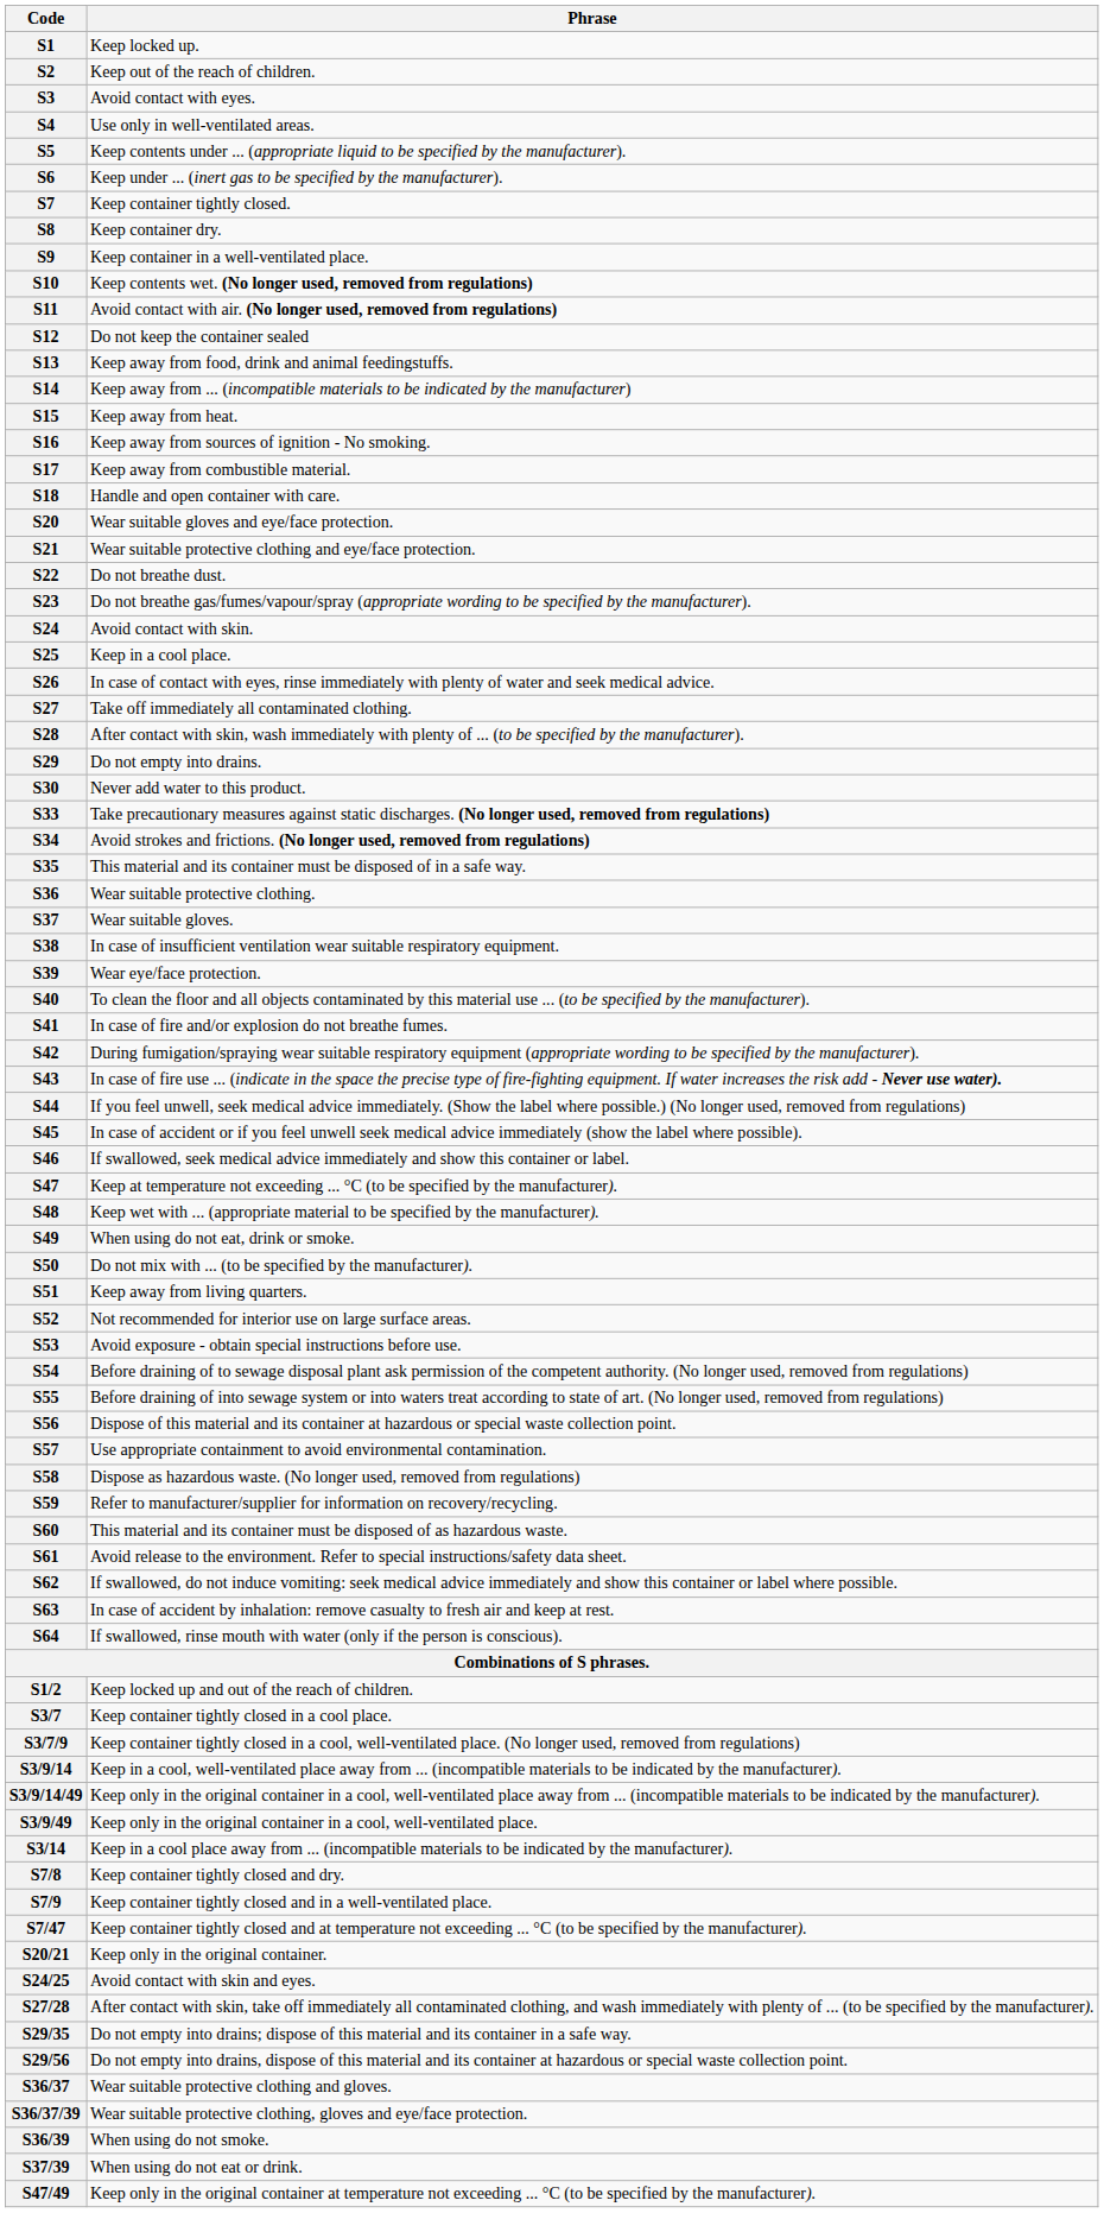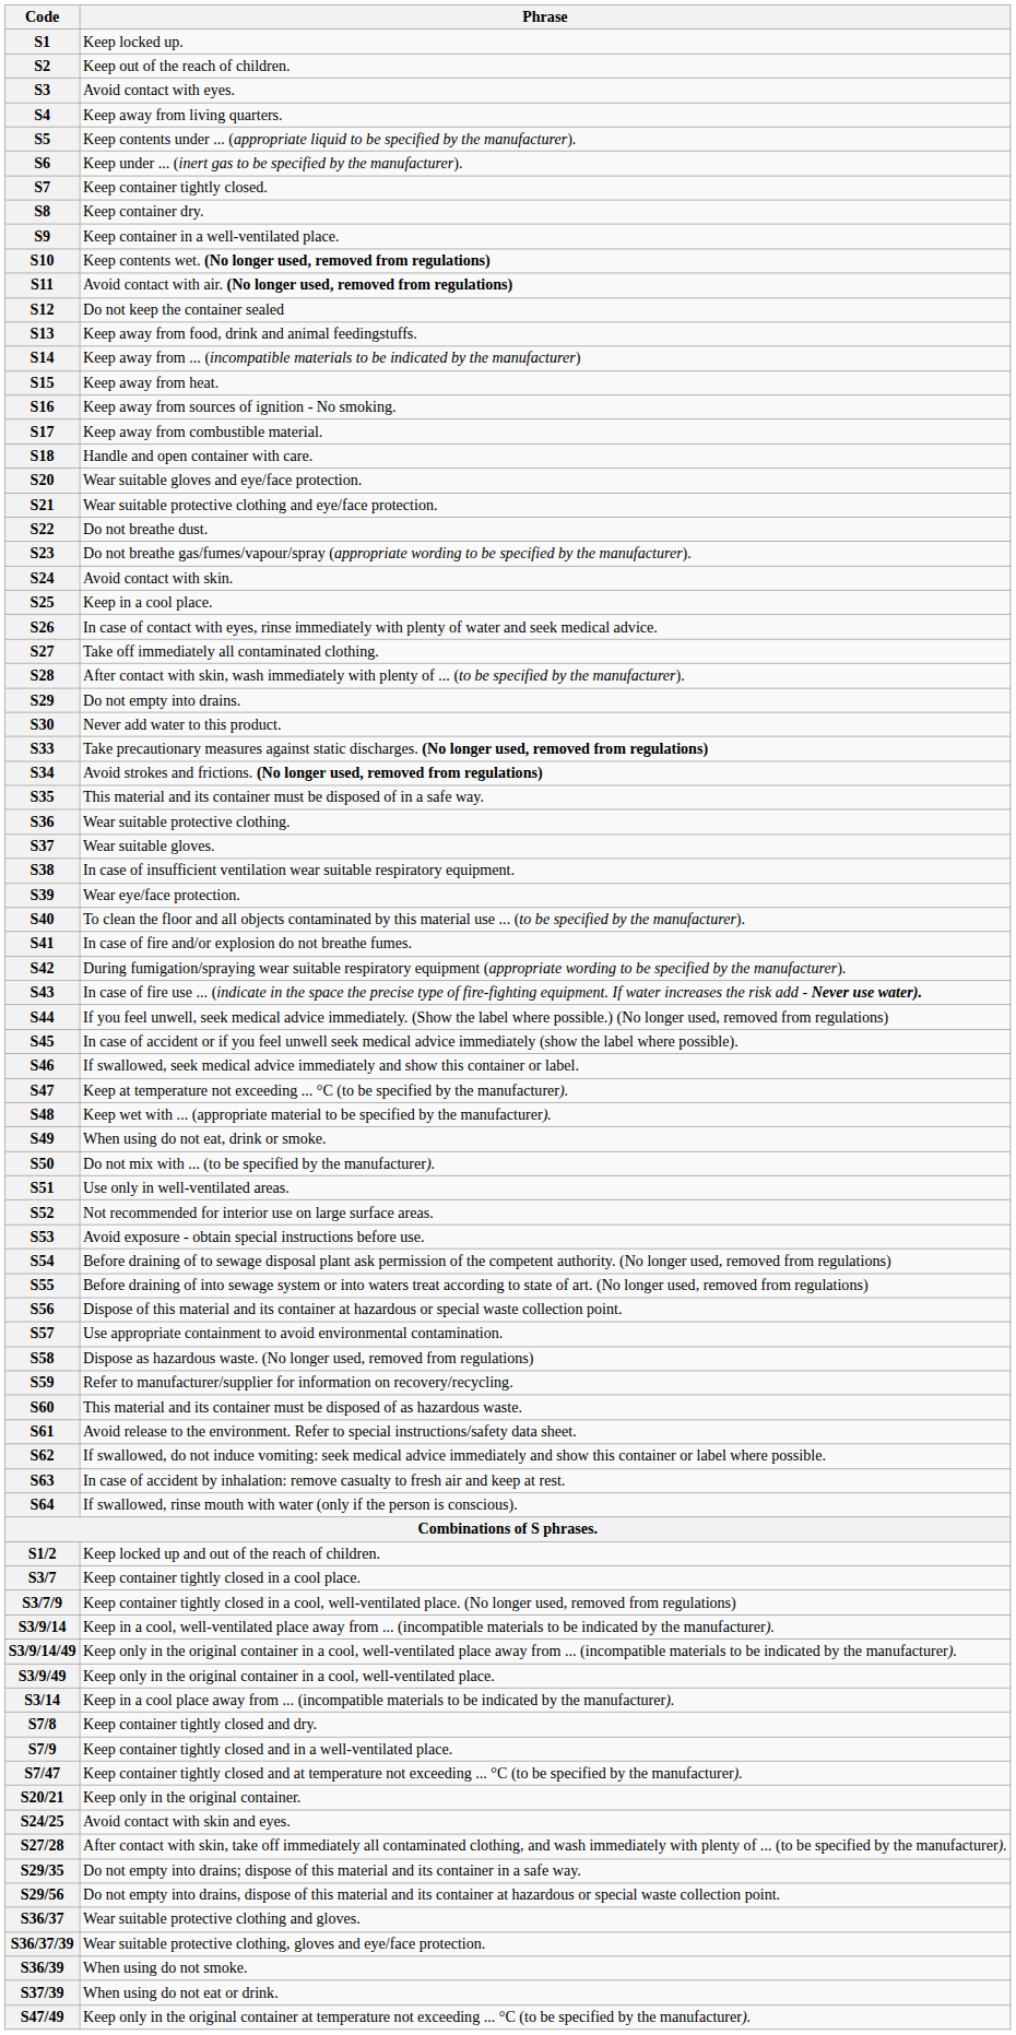 <table class="wikitable">
 <tr>
 <th scope="col">Code</th>
 <th scope="col">Phrase</th>
 </tr>
 <tr>
 <th scope="row" id="S1">S1</th>
 <td>Keep locked up.</td>
 </tr>
 <tr>
 <th scope="row" id="S2">S2</th>
 <td>Keep out of the reach of children.</td>
 </tr>
 <tr>
 <th scope="row" id="S3">S3</th>
 <td>Avoid contact with eyes.</td>
 </tr>
 <tr>
 <th scope="row" id="S4">S4</th>
-<td>Use only in well-ventilated areas.</td>
+<td>Keep away from living quarters.</td>
 </tr>
 <tr>
 <th scope="row" id="S5">S5</th>
 <td>Keep contents under ... (<em>appropriate liquid to be specified by the manufacturer</em>).</td>
 </tr>
 <tr>
 <th scope="row" id="S6">S6</th>
 <td>Keep under ... (<em>inert gas to be specified by the manufacturer</em>).</td>
 </tr>
 <tr>
 <th scope="row" id="S7">S7</th>
 <td>Keep container tightly closed.</td>
 </tr>
 <tr>
 <th scope="row" id="S8">S8</th>
 <td>Keep container dry.</td>
 </tr>
 <tr>
 <th scope="row" id="S9">S9</th>
 <td>Keep container in a well-ventilated place.</td>
 </tr>
 <tr>
 <th scope="row" id="S10">S10</th>
 <td>Keep contents wet. <strong>(No longer used, removed from regulations)</strong></td>
 </tr>
 <tr>
 <th scope="row" id="S11">S11</th>
 <td>Avoid contact with air. <strong>(No longer used, removed from regulations)</strong></td>
 </tr>
 <tr>
 <th scope="row" id="S12">S12</th>
 <td>Do not keep the container sealed</td>
 </tr>
 <tr>
 <th scope="row" id="S13">S13</th>
 <td>Keep away from food, drink and animal feedingstuffs.</td>
 </tr>
 <tr>
 <th scope="row" id="S14">S14</th>
 <td>Keep away from ... (<em>incompatible materials to be indicated by the manufacturer</em>)</td>
 </tr>
 <tr>
 <th scope="row" id="S15">S15</th>
 <td>Keep away from heat.</td>
 </tr>
 <tr>
 <th scope="row" id="S16">S16</th>
 <td>Keep away from sources of ignition - No smoking.</td>
 </tr>
 <tr>
 <th scope="row" id="S17">S17</th>
 <td>Keep away from combustible material.</td>
 </tr>
 <tr>
 <th scope="row" id="S18">S18</th>
 <td>Handle and open container with care.</td>
 </tr>
 <tr>
 <th scope="row" id="S20">S20</th>
 <td>Wear suitable gloves and eye/face protection.</td>
 </tr>
 <tr>
 <th scope="row" id="S21">S21</th>
 <td>Wear suitable protective clothing and eye/face protection.</td>
 </tr>
 <tr>
 <th scope="row" id="S22">S22</th>
 <td>Do not breathe dust.</td>
 </tr>
 <tr>
 <th scope="row" id="S23">S23</th>
 <td>Do not breathe gas/fumes/vapour/spray (<em>appropriate wording to be specified by the manufacturer</em>).</td>
 </tr>
 <tr>
 <th scope="row" id="S24">S24</th>
 <td>Avoid contact with skin.</td>
 </tr>
 <tr>
 <th scope="row" id="S25">S25</th>
 <td>Keep in a cool place.</td>
 </tr>
 <tr>
 <th scope="row" id="S26">S26</th>
 <td>In case of contact with eyes, rinse immediately with plenty of water and seek medical advice.</td>
 </tr>
 <tr>
 <th scope="row" id="S27">S27</th>
 <td>Take off immediately all contaminated clothing.</td>
 </tr>
 <tr>
 <th scope="row" id="S28">S28</th>
 <td>After contact with skin, wash immediately with plenty of ... (<em>to be specified by the manufacturer</em>).</td>
 </tr>
 <tr>
 <th scope="row" id="S29">S29</th>
 <td>Do not empty into drains.</td>
 </tr>
 <tr>
 <th scope="row" id="S30">S30</th>
 <td>Never add water to this product.</td>
 </tr>
 <tr>
 <th scope="row" id="S33">S33</th>
 <td>Take precautionary measures against static discharges. <strong>(No longer used, removed from regulations)</strong></td>
 </tr>
 <tr>
 <th scope="row" id="S34">S34</th>
 <td>Avoid strokes and frictions. <strong>(No longer used, removed from regulations)</strong></td>
 </tr>
 <tr>
 <th scope="row" id="S35">S35</th>
 <td>This material and its container must be disposed of in a safe way.</td>
 </tr>
 <tr>
 <th scope="row" id="S36">S36</th>
 <td>Wear suitable protective clothing.</td>
 </tr>
 <tr>
 <th scope="row" id="S37">S37</th>
 <td>Wear suitable gloves.</td>
 </tr>
 <tr>
 <th scope="row" id="S38">S38</th>
 <td>In case of insufficient ventilation wear suitable respiratory equipment.</td>
 </tr>
 <tr>
 <th scope="row" id="S39">S39</th>
 <td>Wear eye/face protection.</td>
 </tr>
 <tr>
 <th scope="row" id="S40">S40</th>
 <td>To clean the floor and all objects contaminated by this material use ... (<em>to be specified by the manufacturer</em>).</td>
 </tr>
 <tr>
 <th scope="row" id="S41">S41</th>
 <td>In case of fire and/or explosion do not breathe fumes.</td>
 </tr>
 <tr>
 <th scope="row" id="S42">S42</th>
 <td>During fumigation/spraying wear suitable respiratory equipment (<em>appropriate wording to be specified by the manufacturer</em>).</td>
 </tr>
 <tr>
 <th scope="row" id="S43">S43</th>
 <td>In case of fire use ... (<em>indicate in the space the precise type of fire-fighting equipment. If water increases the risk add - <strong>Never use water<strong><em>).</td>
 </tr>
 <tr>
 <th scope="row" id="S44">S44</th>
 <td>If you feel unwell, seek medical advice immediately. (Show the label where possible.) </strong>(No longer used, removed from regulations)<strong></td>
 </tr>
 <tr>
 <th scope="row" id="S45">S45</th>
 <td>In case of accident or if you feel unwell seek medical advice immediately (show the label where possible).</td>
 </tr>
 <tr>
 <th scope="row" id="S46">S46</th>
 <td>If swallowed, seek medical advice immediately and show this container or label.</td>
 </tr>
 <tr>
 <th scope="row" id="S47">S47</th>
 <td>Keep at temperature not exceeding ... °C (</em>to be specified by the manufacturer<em>).</td>
 </tr>
 <tr>
 <th scope="row" id="S48">S48</th>
 <td>Keep wet with ... (</em>appropriate material to be specified by the manufacturer<em>).</td>
 </tr>
 <tr>
 <th scope="row" id="S49">S49</th>
 <td>When using do not eat, drink or smoke.</td>
 </tr>
 <tr>
 <th scope="row" id="S50">S50</th>
 <td>Do not mix with ... (</em>to be specified by the manufacturer<em>).</td>
 </tr>
 <tr>
 <th scope="row" id="S51">S51</th>
-<td>Keep away from living quarters.</td>
+<td>Use only in well-ventilated areas.</td>
 </tr>
 <tr>
 <th scope="row" id="S52">S52</th>
 <td>Not recommended for interior use on large surface areas.</td>
 </tr>
 <tr>
 <th scope="row" id="S53">S53</th>
 <td>Avoid exposure - obtain special instructions before use.</td>
 </tr>
 <tr>
 <th scope="row" id="S54">S54</th>
 <td>Before draining of to sewage disposal plant ask permission of the competent authority. </strong>(No longer used, removed from regulations)<strong></td>
 </tr>
 <tr>
 <th scope="row" id="S55">S55</th>
 <td>Before draining of into sewage system or into waters treat according to state of art. </strong>(No longer used, removed from regulations)<strong></td>
 </tr>
 <tr>
 <th scope="row" id="S56">S56</th>
 <td>Dispose of this material and its container at hazardous or special waste collection point.</td>
 </tr>
 <tr>
 <th scope="row" id="S57">S57</th>
 <td>Use appropriate containment to avoid environmental contamination.</td>
 </tr>
 <tr>
 <th scope="row" id"S58">S58</th>
 <td>Dispose as hazardous waste. </strong>(No longer used, removed from regulations)<strong></td>
 </tr>
 <tr>
 <th scope="row" id="S59">S59</th>
 <td>Refer to manufacturer/supplier for information on recovery/recycling.</td>
 </tr>
 <tr>
 <th scope="row" id="S60">S60</th>
 <td>This material and its container must be disposed of as hazardous waste.</td>
 </tr>
 <tr>
 <th scope="row" id="S61">S61</th>
 <td>Avoid release to the environment. Refer to special instructions/safety data sheet.</td>
 </tr>
 <tr>
 <th scope="row" id="S62">S62</th>
 <td>If swallowed, do not induce vomiting: seek medical advice immediately and show this container or label where possible.</td>
 </tr>
 <tr>
 <th scope="row" id="S63">S63</th>
 <td>In case of accident by inhalation: remove casualty to fresh air and keep at rest.</td>
 </tr>
 <tr>
 <th scope="row" id="S64">S64</th>
 <td>If swallowed, rinse mouth with water (only if the person is conscious).</td>
 </tr>
 <tr>
 <th colspan=2 style="text-align: center;">Combinations of S phrases.</th>
 </tr>
 <tr>
 <th scope="row" id="S1/2">S1/2</th>
 <td>Keep locked up and out of the reach of children.</td>
 </tr>
 <tr>
 <th scope="row" id="S3/7">S3/7</th>
 <td>Keep container tightly closed in a cool place.</td>
 </tr>
 <tr>
 <th scope="row" id="S3/7/9">S3/7/9</th>
 <td>Keep container tightly closed in a cool, well-ventilated place. </strong>(No longer used, removed from regulations)<strong></td>
 </tr>
 <tr>
 <th scope="row" id="S3/9/14">S3/9/14</th>
 <td>Keep in a cool, well-ventilated place away from ... (</em>incompatible materials to be indicated by the manufacturer<em>).</td>
 </tr>
 <tr>
 <th scope="row" id="S3/9/14/49">S3/9/14/49</th>
 <td>Keep only in the original container in a cool, well-ventilated place away from ... (</em>incompatible materials to be indicated by the manufacturer<em>).</td>
 </tr>
 <tr>
 <th scope="row" id="S3/9/49">S3/9/49</th>
 <td>Keep only in the original container in a cool, well-ventilated place.</td>
 </tr>
 <tr>
 <th scope="row" id="S3/14">S3/14</th>
 <td>Keep in a cool place away from ... (</em>incompatible materials to be indicated by the manufacturer<em>).</td>
 </tr>
 <tr>
 <th scope="row" id="S7/8">S7/8</th>
 <td>Keep container tightly closed and dry.</td>
 </tr>
 <tr>
 <th scope="row" id="S7/9">S7/9</th>
 <td>Keep container tightly closed and in a well-ventilated place.</td>
 </tr>
 <tr>
 <th scope="row" id="S7/47">S7/47</th>
 <td>Keep container tightly closed and at temperature not exceeding ... °C (</em>to be specified by the manufacturer<em>).</td>
 </tr>
 <tr>
 <th scope="row" id="S20/21">S20/21</th>
 <td>Keep only in the original container.</td>
 </tr>
 <tr>
 <th scope="row"><span>S24/25</span></th>
 <td>Avoid contact with skin and eyes.</td>
 </tr>
 <tr>
 <th scope="row" id="S27/28">S27/28</th>
 <td>After contact with skin, take off immediately all contaminated clothing, and wash immediately with plenty of ... (</em>to be specified by the manufacturer<em>).</td>
 </tr>
 <tr>
 <th scope="row" id="S29/35">S29/35</th>
 <td>Do not empty into drains; dispose of this material and its container in a safe way.</td>
 </tr>
 <tr>
 <th scope="row" id="S29/56">S29/56</th>
 <td>Do not empty into drains, dispose of this material and its container at hazardous or special waste collection point.</td>
 </tr>
 <tr>
 <th scope="row" id="S36/37">S36/37</th>
 <td>Wear suitable protective clothing and gloves.</td>
 </tr>
 <tr>
 <th scope="row" id="S36/37/39">S36/37/39</th>
 <td>Wear suitable protective clothing, gloves and eye/face protection.</td>
 </tr>
 <tr>
 <th scope="row" id="S36/39">S36/39</th>
 <td>When using do not smoke.</td>
 </tr>
 <tr>
 <th scope="row" id="S37/39">S37/39</th>
 <td>When using do not eat or drink.</td>
 </tr>
 <tr>
 <th scope="row" id="S47/49">S47/49</th>
 <td>Keep only in the original container at temperature not exceeding ... °C (</em>to be specified by the manufacturer<em>).</td>
 </tr>
 </table>
